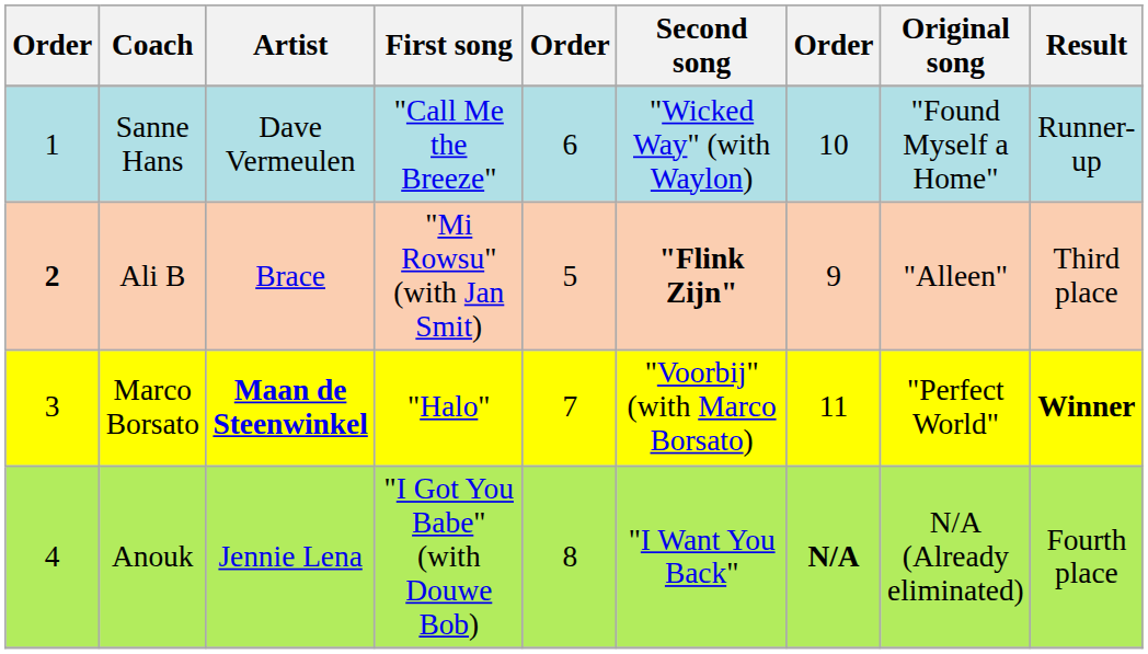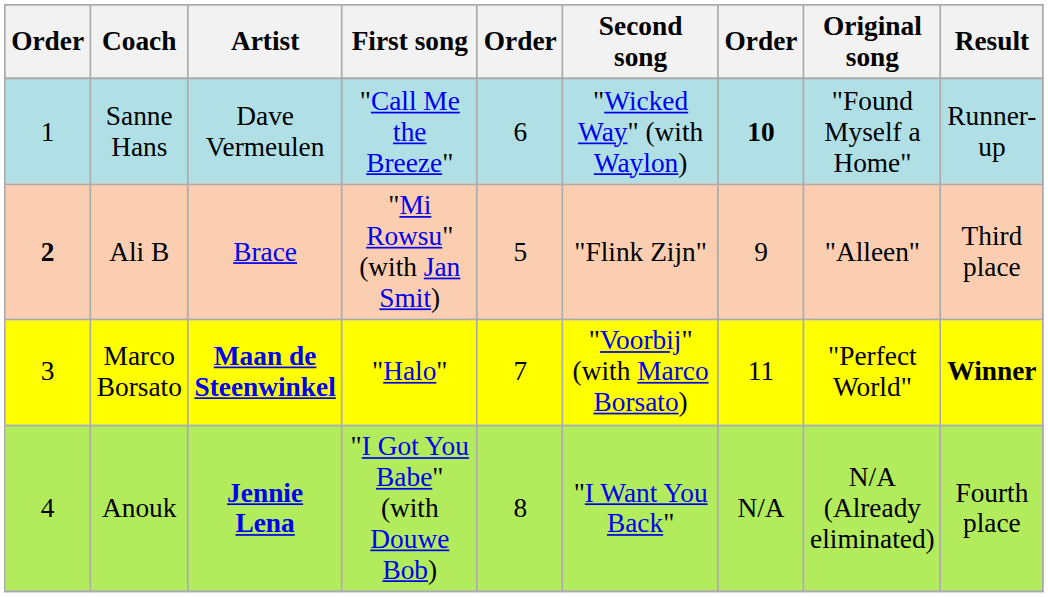 <table class="wikitable" style="text-align:center; width:100%%;">
 <tr>
 <th scope="col" width="02%">Order</th>
 <th scope="col" width="09%">Coach</th>
 <th scope="col" width="12%">Artist</th>
 <th scope="col" width="14%">First song</th>
 <th scope="col" width="02%">Order</th>
 <th scope="col" width="16%">Second song</th>
 <th scope="col" width="02%">Order</th>
 <th scope="col" width="13%">Original song</th>
 <th scope="col" width="08%">Result</th>
 </tr>
 <tr>
 </tr>
 <tr>
 <td style="background:#B0E0E6;">1</td>
 <td style="background:#B0E0E6;">Sanne Hans</td>
 <td style="background:#B0E0E6;">Dave Vermeulen</td>
 <td style="background:#B0E0E6;">"<a href='#'>Call Me the Breeze</a>"</td>
 <td style="background:#B0E0E6;">6</td>
 <td style="background:#B0E0E6;">"<a href='#'>Wicked Way</a>" (with <a href='#'>Waylon</a>)</td>
-<td style="background:#B0E0E6;">10</td>
+<td style="background:#B0E0E6;"><strong>10</strong></td>
 <td style="background:#B0E0E6;">"Found Myself a Home"</td>
 <td style="background:#B0E0E6;">Runner-up</td>
 </tr>
 <tr>
 <td style="background:#FBCEB1;"><strong>2</strong></td>
 <td style="background:#FBCEB1;">Ali B</td>
 <td style="background:#FBCEB1;"><a href='#'>Brace</a></td>
 <td style="background:#FBCEB1;">"<a href='#'>Mi Rowsu</a>" (with <a href='#'>Jan Smit</a>)</td>
 <td style="background:#FBCEB1;">5</td>
-<td style="background:#FBCEB1;"><strong>"Flink Zijn"</strong></td>
+<td style="background:#FBCEB1;">"Flink Zijn"</td>
 <td style="background:#FBCEB1;">9</td>
 <td style="background:#FBCEB1;">"Alleen"</td>
 <td style="background:#FBCEB1;">Third place</td>
 </tr>
 <tr>
 <td style="background:Yellow;">3</td>
 <td style="background:Yellow;">Marco Borsato</td>
 <td style="background:Yellow;"><strong><a href='#'>Maan de Steenwinkel</a></strong></td>
 <td style="background:Yellow;">"<a href='#'>Halo</a>"</td>
 <td style="background:Yellow;">7</td>
 <td style="background:Yellow;">"<a href='#'>Voorbij</a>" (with <a href='#'>Marco Borsato</a>)</td>
 <td style="background:Yellow;">11</td>
 <td style="background:Yellow;">"Perfect World"</td>
 <td style="background:Yellow;"><strong>Winner</strong></td>
 </tr>
 <tr>
 <td style="background:#B2EC5D;">4</td>
 <td style="background:#B2EC5D;">Anouk</td>
-<td style="background:#B2EC5D;"><a href='#'>Jennie Lena</a></td>
+<td style="background:#B2EC5D;"><strong><a href='#'>Jennie Lena</a></strong></td>
 <td style="background:#B2EC5D;">"<a href='#'>I Got You Babe</a>" (with <a href='#'>Douwe Bob</a>)</td>
 <td style="background:#B2EC5D;">8</td>
 <td style="background:#B2EC5D;">"<a href='#'>I Want You Back</a>"</td>
-<td style="background:#B2EC5D;"><strong>N/A</strong></td>
+<td style="background:#B2EC5D;">N/A</td>
 <td style="background:#B2EC5D;">N/A (Already eliminated)</td>
 <td style="background:#B2EC5D;">Fourth place</td>
 </tr>
 <tr>
 </tr>
 </table>
